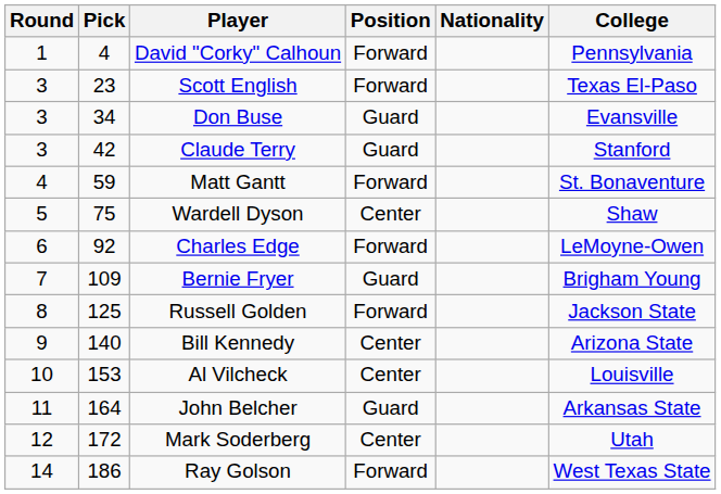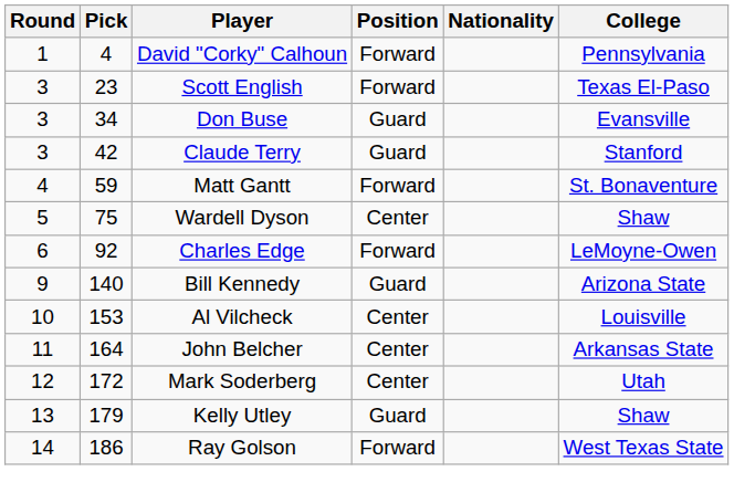 <table class="wikitable sortable sortable">
 <tr>
 <th>Round</th>
 <th>Pick</th>
 <th>Player</th>
 <th>Position</th>
 <th>Nationality</th>
 <th>College</th>
 </tr>
 <tr style="text-align: center">
 <td>1</td>
 <td>4</td>
 <td><a href='#'>David "Corky" Calhoun</a></td>
 <td>Forward</td>
 <td></td>
 <td><a href='#'>Pennsylvania</a></td>
 </tr>
 <tr style="text-align: center">
 <td>3</td>
 <td>23</td>
 <td><a href='#'>Scott English</a></td>
 <td>Forward</td>
 <td></td>
 <td><a href='#'>Texas El-Paso</a></td>
 </tr>
 <tr style="text-align: center">
 <td>3</td>
 <td>34</td>
 <td><a href='#'>Don Buse</a></td>
 <td>Guard</td>
 <td></td>
 <td><a href='#'>Evansville</a></td>
 </tr>
 <tr style="text-align: center">
 <td>3</td>
 <td>42</td>
 <td><a href='#'>Claude Terry</a></td>
 <td>Guard</td>
 <td></td>
 <td><a href='#'>Stanford</a></td>
 </tr>
 <tr style="text-align: center">
 <td>4</td>
 <td>59</td>
 <td>Matt Gantt</td>
 <td>Forward</td>
 <td></td>
 <td><a href='#'>St. Bonaventure</a></td>
 </tr>
 <tr style="text-align: center">
 <td>5</td>
 <td>75</td>
 <td>Wardell Dyson</td>
 <td>Center</td>
 <td></td>
 <td><a href='#'>Shaw</a></td>
 </tr>
 <tr style="text-align: center">
 <td>6</td>
 <td>92</td>
 <td><a href='#'>Charles Edge</a></td>
 <td>Forward</td>
 <td></td>
 <td><a href='#'>LeMoyne-Owen</a></td>
 </tr>
 <tr style="text-align: center">
-<td>7</td>
-<td>109</td>
-<td><a href='#'>Bernie Fryer</a></td>
-<td>Guard</td>
-<td></td>
-<td><a href='#'>Brigham Young</a></td>
-</tr>
-<tr style="text-align: center">
-<td>8</td>
-<td>125</td>
-<td>Russell Golden</td>
-<td>Forward</td>
-<td></td>
-<td><a href='#'>Jackson State</a></td>
-</tr>
-<tr style="text-align: center">
 <td>9</td>
 <td>140</td>
 <td>Bill Kennedy</td>
-<td>Center</td>
+<td>Guard</td>
 <td></td>
 <td><a href='#'>Arizona State</a></td>
 </tr>
 <tr style="text-align: center">
 <td>10</td>
 <td>153</td>
 <td>Al Vilcheck</td>
 <td>Center</td>
 <td></td>
 <td><a href='#'>Louisville</a></td>
 </tr>
 <tr style="text-align: center">
 <td>11</td>
 <td>164</td>
 <td>John Belcher</td>
-<td>Guard</td>
+<td>Center</td>
 <td></td>
 <td><a href='#'>Arkansas State</a></td>
 </tr>
 <tr style="text-align: center">
 <td>12</td>
 <td>172</td>
 <td>Mark Soderberg</td>
 <td>Center</td>
 <td></td>
 <td><a href='#'>Utah</a></td>
 </tr>
 <tr style="text-align: center">
+<td>13</td>
+<td>179</td>
+<td>Kelly Utley</td>
+<td>Guard</td>
+<td></td>
+<td><a href='#'>Shaw</a></td>
+</tr>
+<tr style="text-align: center">
 <td>14</td>
 <td>186</td>
 <td>Ray Golson</td>
 <td>Forward</td>
 <td></td>
 <td><a href='#'>West Texas State</a></td>
 </tr>
 </table>
